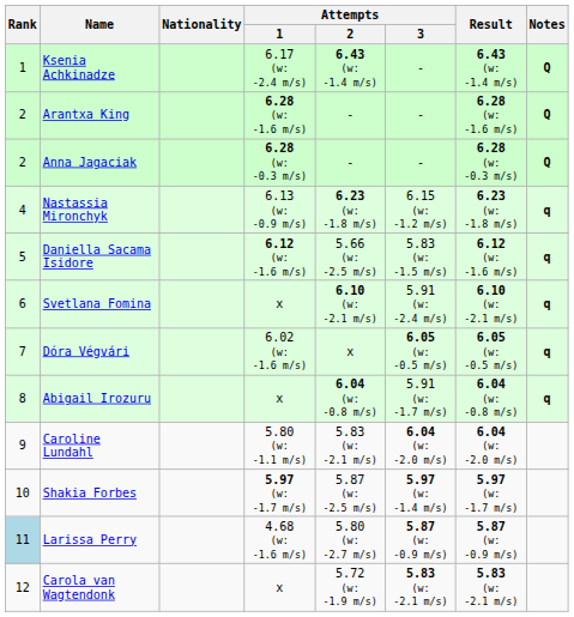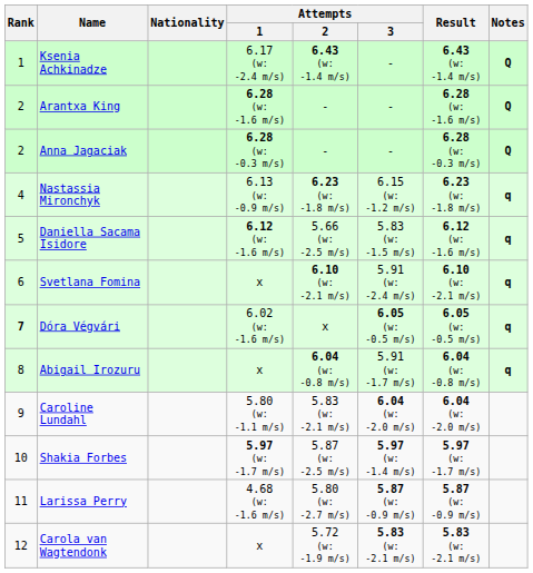 <table class="wikitable sortable" style="text-align:center">
 <tr>
 <th rowspan=2>Rank</th>
 <th rowspan=2>Name</th>
 <th rowspan=2>Nationality</th>
 <th colspan=3>Attempts</th>
 <th rowspan=2>Result</th>
 <th rowspan=2>Notes</th>
 </tr>
 <tr>
 <th>1</th>
 <th>2</th>
 <th>3</th>
 </tr>
 <tr bgcolor=ccffcc>
 <td>1</td>
 <td align=left><a href='#'>Ksenia Achkinadze</a></td>
 <td align=left></td>
 <td>6.17<br><small>(w: -2.4 m/s)</small></td>
 <td><strong>6.43</strong><br><small>(w: -1.4 m/s)</small></td>
 <td>-</td>
 <td><strong>6.43</strong> <br><small>(w: -1.4 m/s)</small></td>
 <td><strong>Q</strong></td>
 </tr>
 <tr bgcolor=ccffcc>
 <td>2</td>
 <td align=left><a href='#'>Arantxa King</a></td>
 <td align=left></td>
 <td><strong>6.28</strong><br><small>(w: -1.6 m/s)</small></td>
 <td>-</td>
 <td>-</td>
 <td><strong>6.28</strong> <br><small>(w: -1.6 m/s)</small></td>
 <td><strong>Q</strong></td>
 </tr>
 <tr bgcolor=ccffcc>
 <td>2</td>
 <td align=left><a href='#'>Anna Jagaciak</a></td>
 <td align=left></td>
 <td><strong>6.28</strong><br><small>(w: -0.3 m/s)</small></td>
 <td>-</td>
 <td>-</td>
 <td><strong>6.28</strong> <br><small>(w: -0.3 m/s)</small></td>
 <td><strong>Q</strong></td>
 </tr>
 <tr bgcolor=ddffdd>
 <td>4</td>
 <td align=left><a href='#'>Nastassia Mironchyk</a></td>
 <td align=left></td>
 <td>6.13<br><small>(w: -0.9 m/s)</small></td>
 <td><strong>6.23</strong><br><small>(w: -1.8 m/s)</small></td>
 <td>6.15<br><small>(w: -1.2 m/s)</small></td>
 <td><strong>6.23</strong> <br><small>(w: -1.8 m/s)</small></td>
 <td><strong>q</strong></td>
 </tr>
 <tr bgcolor=ddffdd>
 <td>5</td>
 <td align=left><a href='#'>Daniella Sacama Isidore</a></td>
 <td align=left></td>
 <td><strong>6.12</strong><br><small>(w: -1.6 m/s)</small></td>
 <td>5.66<br><small>(w: -2.5 m/s)</small></td>
 <td>5.83<br><small>(w: -1.5 m/s)</small></td>
 <td><strong>6.12</strong> <br><small>(w: -1.6 m/s)</small></td>
 <td><strong>q</strong></td>
 </tr>
 <tr bgcolor=ddffdd>
 <td>6</td>
 <td align=left><a href='#'>Svetlana Fomina</a></td>
 <td align=left></td>
 <td>x</td>
 <td><strong>6.10</strong><br><small>(w: -2.1 m/s)</small></td>
 <td>5.91<br><small>(w: -2.4 m/s)</small></td>
 <td><strong>6.10</strong> <br><small>(w: -2.1 m/s)</small></td>
 <td><strong>q</strong></td>
 </tr>
 <tr bgcolor=ddffdd>
-<td>7</td>
+<td><strong>7</strong></td>
 <td align=left><a href='#'>Dóra Végvári</a></td>
 <td align=left></td>
 <td>6.02<br><small>(w: -1.6 m/s)</small></td>
 <td>x</td>
 <td><strong>6.05</strong><br><small>(w: -0.5 m/s)</small></td>
 <td><strong>6.05</strong> <br><small>(w: -0.5 m/s)</small></td>
 <td><strong>q</strong></td>
 </tr>
 <tr bgcolor=ddffdd>
 <td>8</td>
 <td align=left><a href='#'>Abigail Irozuru</a></td>
 <td align=left></td>
 <td>x</td>
 <td><strong>6.04</strong><br><small>(w: -0.8 m/s)</small></td>
 <td>5.91<br><small>(w: -1.7 m/s)</small></td>
 <td><strong>6.04</strong> <br><small>(w: -0.8 m/s)</small></td>
 <td><strong>q</strong></td>
 </tr>
 <tr>
 <td>9</td>
 <td align=left><a href='#'>Caroline Lundahl</a></td>
 <td align=left></td>
 <td>5.80<br><small>(w: -1.1 m/s)</small></td>
 <td>5.83<br><small>(w: -2.1 m/s)</small></td>
 <td><strong>6.04</strong><br><small>(w: -2.0 m/s)</small></td>
 <td><strong>6.04</strong> <br><small>(w: -2.0 m/s)</small></td>
 <td></td>
 </tr>
 <tr>
 <td>10</td>
 <td align=left><a href='#'>Shakia Forbes</a></td>
 <td align=left></td>
 <td><strong>5.97</strong><br><small>(w: -1.7 m/s)</small></td>
 <td>5.87<br><small>(w: -2.5 m/s)</small></td>
 <td><strong>5.97</strong><br><small>(w: -1.4 m/s)</small></td>
 <td><strong>5.97</strong> <br><small>(w: -1.7 m/s)</small></td>
 <td></td>
 </tr>
 <tr>
-<td style="background: lightblue;">11</td>
+<td>11</td>
 <td align=left><a href='#'>Larissa Perry</a></td>
 <td align=left></td>
 <td>4.68<br><small>(w: -1.6 m/s)</small></td>
 <td>5.80<br><small>(w: -2.7 m/s)</small></td>
 <td><strong>5.87</strong><br><small>(w: -0.9 m/s)</small></td>
 <td><strong>5.87</strong> <br><small>(w: -0.9 m/s)</small></td>
 <td></td>
 </tr>
 <tr>
 <td>12</td>
 <td align=left><a href='#'>Carola van Wagtendonk</a></td>
 <td align=left></td>
 <td>x</td>
 <td>5.72<br><small>(w: -1.9 m/s)</small></td>
 <td><strong>5.83</strong><br><small>(w: -2.1 m/s)</small></td>
 <td><strong>5.83</strong> <br><small>(w: -2.1 m/s)</small></td>
 <td></td>
 </tr>
 </table>
